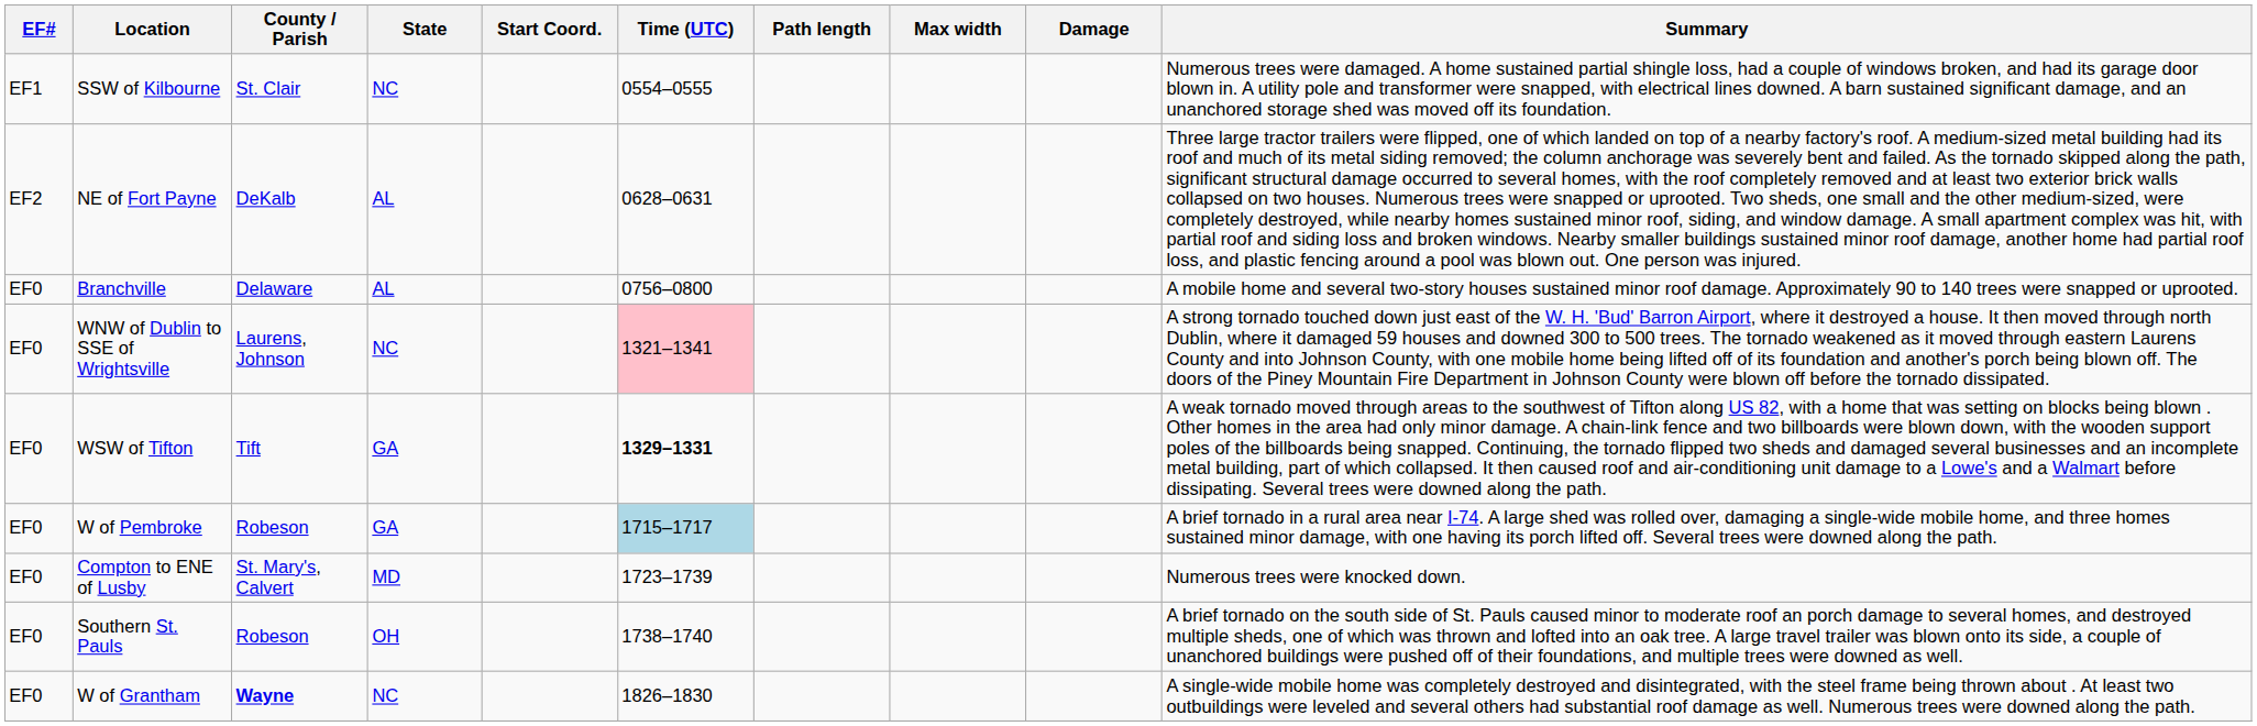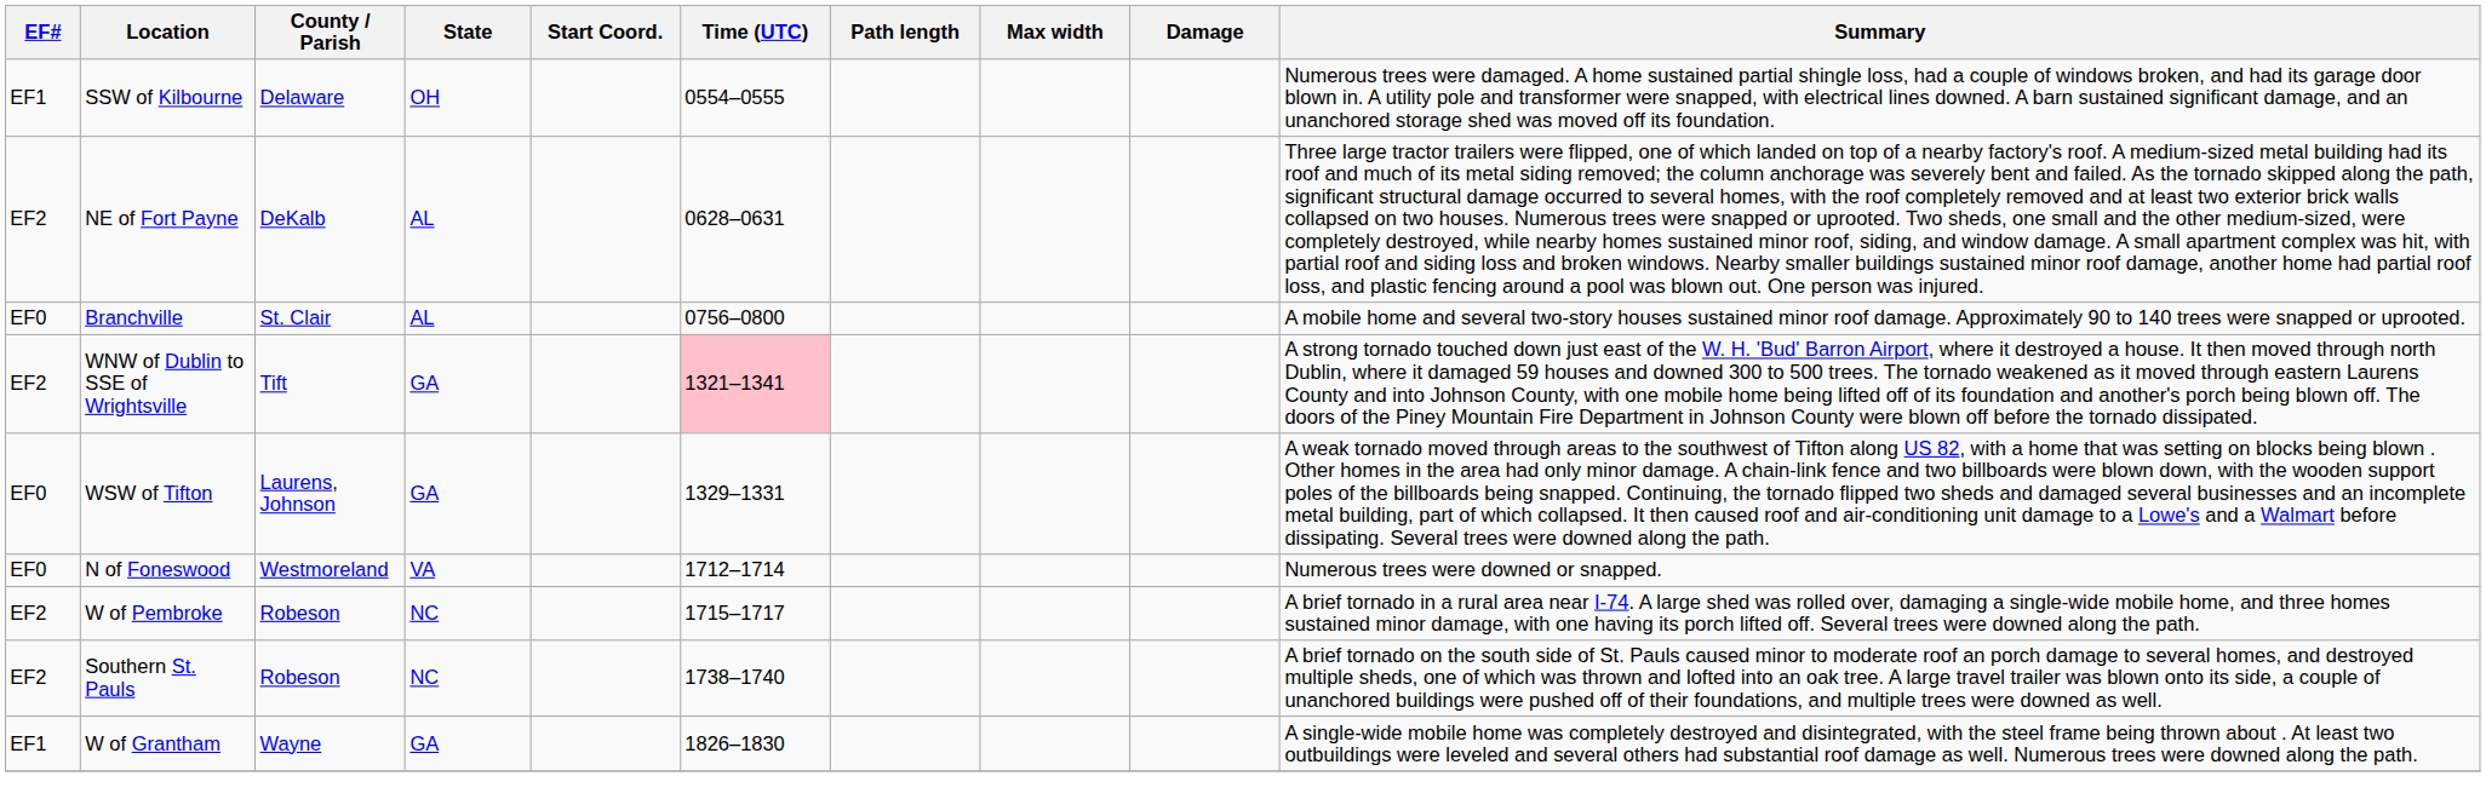 <table class="wikitable sortable" style="width:100%;">
 <tr>
 <th scope="col" width="3%" align="center"><a href='#'>EF#</a></th>
 <th scope="col" width="7%" align="center" class="unsortable">Location</th>
 <th scope="col" width="6%" align="center" class="unsortable">County / Parish</th>
 <th scope="col" width="5%" align="center">State</th>
 <th scope="col" width="6%" align="center">Start Coord.</th>
 <th scope="col" width="6%" align="center">Time (<a href='#'>UTC</a>)</th>
 <th scope="col" width="6%" align="center">Path length</th>
 <th scope="col" width="6%" align="center">Max width</th>
 <th scope="col" width="6%" align="center">Damage</th>
 <th scope="col" width="48%" class="unsortable" align="center">Summary</th>
 </tr>
 <tr>
 <td>EF1</td>
 <td>SSW of <a href='#'>Kilbourne</a></td>
-<td><a href='#'>St. Clair</a></td>
-<td><a href='#'>NC</a></td>
+<td><a href='#'>Delaware</a></td>
+<td><a href='#'>OH</a></td>
 <td></td>
 <td>0554–0555</td>
 <td></td>
 <td></td>
 <td></td>
 <td>Numerous trees were damaged. A home sustained partial shingle loss, had a couple of windows broken, and had its garage door blown in. A utility pole and transformer were snapped, with electrical lines downed. A barn sustained significant damage, and an unanchored storage shed was moved off its foundation.</td>
 </tr>
 <tr>
 <td>EF2</td>
 <td>NE of <a href='#'>Fort Payne</a></td>
 <td><a href='#'>DeKalb</a></td>
 <td><a href='#'>AL</a></td>
 <td></td>
 <td>0628–0631</td>
 <td></td>
 <td></td>
 <td></td>
 <td>Three large tractor trailers were flipped, one of which landed on top of a nearby factory's roof. A medium-sized metal building had its roof and much of its metal siding removed; the column anchorage was severely bent and failed. As the tornado skipped along the path, significant structural damage occurred to several homes, with the roof completely removed and at least two exterior brick walls collapsed on two houses. Numerous trees were snapped or uprooted. Two sheds, one small and the other medium-sized, were completely destroyed, while nearby homes sustained minor roof, siding, and window damage. A small apartment complex was hit, with partial roof and siding loss and broken windows. Nearby smaller buildings sustained minor roof damage, another home had partial roof loss, and plastic fencing around a pool was blown out. One person was injured.</td>
 </tr>
 <tr>
 <td>EF0</td>
 <td><a href='#'>Branchville</a></td>
-<td><a href='#'>Delaware</a></td>
+<td><a href='#'>St. Clair</a></td>
 <td><a href='#'>AL</a></td>
 <td></td>
 <td>0756–0800</td>
 <td></td>
 <td></td>
 <td></td>
 <td>A mobile home and several two-story houses sustained minor roof damage. Approximately 90 to 140 trees were snapped or uprooted.</td>
 </tr>
 <tr>
-<td>EF0</td>
+<td>EF2</td>
 <td>WNW of <a href='#'>Dublin</a> to SSE of <a href='#'>Wrightsville</a></td>
-<td><a href='#'>Laurens</a>, <a href='#'>Johnson</a></td>
-<td><a href='#'>NC</a></td>
+<td><a href='#'>Tift</a></td>
+<td><a href='#'>GA</a></td>
 <td></td>
 <td style="background: pink;">1321–1341</td>
 <td></td>
 <td></td>
 <td></td>
 <td>A strong tornado touched down just east of the <a href='#'>W. H. 'Bud' Barron Airport</a>, where it destroyed a house. It then moved through north Dublin, where it damaged 59 houses and downed 300 to 500 trees. The tornado weakened as it moved through eastern Laurens County and into Johnson County, with one mobile home being lifted off of its foundation and another's porch being blown off. The doors of the Piney Mountain Fire Department in Johnson County were blown off before the tornado dissipated.</td>
 </tr>
 <tr>
 <td>EF0</td>
 <td>WSW of <a href='#'>Tifton</a></td>
-<td><a href='#'>Tift</a></td>
+<td><a href='#'>Laurens</a>, <a href='#'>Johnson</a></td>
 <td><a href='#'>GA</a></td>
 <td></td>
-<td><strong>1329–1331</strong></td>
+<td>1329–1331</td>
 <td></td>
 <td></td>
 <td></td>
 <td>A weak tornado moved through areas to the southwest of Tifton along <a href='#'>US 82</a>, with a home that was setting on blocks being blown . Other homes in the area had only minor damage. A chain-link fence and two billboards were blown down, with the wooden support poles of the billboards being snapped. Continuing, the tornado flipped two sheds and damaged several businesses and an incomplete metal building, part of which collapsed. It then caused roof and air-conditioning unit damage to a <a href='#'>Lowe's</a> and a <a href='#'>Walmart</a> before dissipating. Several trees were downed along the path.</td>
 </tr>
 <tr>
 <td>EF0</td>
+<td>N of <a href='#'>Foneswood</a></td>
+<td><a href='#'>Westmoreland</a></td>
+<td><a href='#'>VA</a></td>
+<td></td>
+<td>1712–1714</td>
+<td></td>
+<td></td>
+<td></td>
+<td>Numerous trees were downed or snapped.</td>
+</tr>
+<tr>
+<td>EF2</td>
 <td>W of <a href='#'>Pembroke</a></td>
 <td><a href='#'>Robeson</a></td>
-<td><a href='#'>GA</a></td>
+<td><a href='#'>NC</a></td>
 <td></td>
-<td style="background: lightblue;">1715–1717</td>
+<td>1715–1717</td>
 <td></td>
 <td></td>
 <td></td>
 <td>A brief tornado in a rural area near <a href='#'>I-74</a>. A large shed was rolled over, damaging a single-wide mobile home, and three homes sustained minor damage, with one having its porch lifted off. Several trees were downed along the path.</td>
 </tr>
 <tr>
-<td>EF0</td>
-<td><a href='#'>Compton</a> to ENE of <a href='#'>Lusby</a></td>
-<td><a href='#'>St. Mary's</a>, <a href='#'>Calvert</a></td>
-<td><a href='#'>MD</a></td>
-<td></td>
-<td>1723–1739</td>
-<td></td>
-<td></td>
-<td></td>
-<td>Numerous trees were knocked down.</td>
-</tr>
-<tr>
-<td>EF0</td>
+<td>EF2</td>
 <td>Southern <a href='#'>St. Pauls</a></td>
 <td><a href='#'>Robeson</a></td>
-<td><a href='#'>OH</a></td>
+<td><a href='#'>NC</a></td>
 <td></td>
 <td>1738–1740</td>
 <td></td>
 <td></td>
 <td></td>
 <td>A brief tornado on the south side of St. Pauls caused minor to moderate roof an porch damage to several homes, and destroyed multiple sheds, one of which was thrown  and lofted into an oak tree. A large travel trailer was blown onto its side, a couple of unanchored buildings were pushed off of their foundations, and multiple trees were downed as well.</td>
 </tr>
 <tr>
-<td>EF0</td>
+<td>EF1</td>
 <td>W of <a href='#'>Grantham</a></td>
-<td><strong><a href='#'>Wayne</a></strong></td>
-<td><a href='#'>NC</a></td>
+<td><a href='#'>Wayne</a></td>
+<td><a href='#'>GA</a></td>
 <td></td>
 <td>1826–1830</td>
 <td></td>
 <td></td>
 <td></td>
 <td>A single-wide mobile home was completely destroyed and disintegrated, with the steel frame being thrown about . At least two outbuildings were leveled and several others had substantial roof damage as well. Numerous trees were downed along the path.</td>
 </tr>
 <tr>
 </tr>
 </table>
